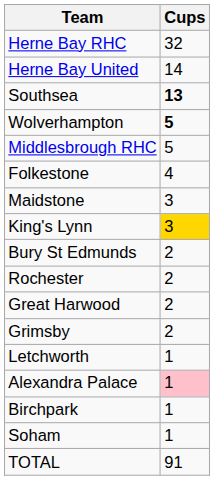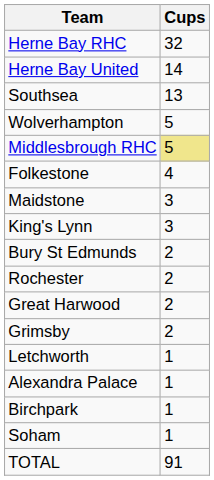 <table class="wikitable sortable">
 <tr>
 <th>Team</th>
 <th>Cups</th>
 </tr>
 <tr>
 <td><a href='#'>Herne Bay RHC</a></td>
 <td>32</td>
 </tr>
 <tr>
 <td><a href='#'>Herne Bay United</a></td>
 <td>14</td>
 </tr>
 <tr>
 <td>Southsea</td>
-<td><strong>13</strong></td>
+<td>13</td>
 </tr>
 <tr>
 <td>Wolverhampton</td>
-<td><strong>5</strong></td>
+<td>5</td>
 </tr>
 <tr>
 <td><a href='#'>Middlesbrough RHC</a></td>
-<td>5</td>
+<td style="background: khaki;">5</td>
 </tr>
 <tr>
 <td>Folkestone</td>
 <td>4</td>
 </tr>
 <tr>
 <td>Maidstone</td>
 <td>3</td>
 </tr>
 <tr>
 <td>King's Lynn</td>
-<td style="background: gold;">3</td>
+<td>3</td>
 </tr>
 <tr>
 <td>Bury St Edmunds</td>
 <td>2</td>
 </tr>
 <tr>
 <td>Rochester</td>
 <td>2</td>
 </tr>
 <tr>
 <td>Great Harwood</td>
 <td>2</td>
 </tr>
 <tr>
 <td>Grimsby</td>
 <td>2</td>
 </tr>
 <tr>
 <td>Letchworth</td>
 <td>1</td>
 </tr>
 <tr>
 <td>Alexandra Palace</td>
-<td style="background: pink;">1</td>
+<td>1</td>
 </tr>
 <tr>
 <td>Birchpark</td>
 <td>1</td>
 </tr>
 <tr>
 <td>Soham</td>
 <td>1</td>
 </tr>
 <tr>
 <td>TOTAL</td>
 <td>91</td>
 </tr>
 </table>
